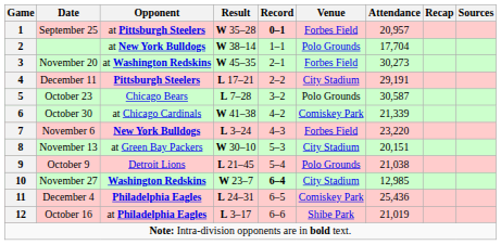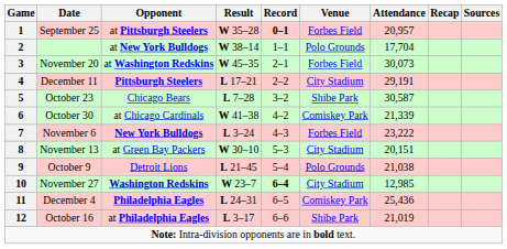 <table class="wikitable" style="text-align:center">
 <tr>
 <th>Game</th>
 <th>Date</th>
 <th>Opponent</th>
 <th>Result</th>
 <th>Record</th>
 <th>Venue</th>
 <th>Attendance</th>
 <th>Recap</th>
 <th>Sources</th>
 </tr>
 <tr style="background:#fcc">
 <th>1</th>
 <td>September 25</td>
 <td>at <strong><a href='#'>Pittsburgh Steelers</a></strong></td>
 <td><strong>W</strong> 35–28</td>
 <td><strong>0–1</strong></td>
 <td><a href='#'>Forbes Field</a></td>
 <td>20,957</td>
 <td></td>
 <td></td>
 </tr>
 <tr style="background:#cfc">
 <th>2</th>
 <td></td>
 <td>at <strong><a href='#'>New York Bulldogs</a></strong></td>
 <td><strong>W</strong> 38–14</td>
 <td>1–1</td>
 <td><a href='#'>Polo Grounds</a></td>
 <td>17,704</td>
 <td></td>
 <td></td>
 </tr>
 <tr style="background:#cfc">
 <th>3</th>
 <td>November 20</td>
 <td>at <strong><a href='#'>Washington Redskins</a></strong></td>
 <td><strong>W</strong> 45–35</td>
 <td>2–1</td>
 <td><a href='#'>Forbes Field</a></td>
-<td>30,273</td>
+<td>30,073</td>
 <td></td>
 <td></td>
 </tr>
 <tr style="background:#fcc">
 <th>4</th>
 <td>December 11</td>
 <td><strong><a href='#'>Pittsburgh Steelers</a></strong></td>
 <td><strong>L</strong> 17–21</td>
 <td>2–2</td>
 <td><a href='#'>City Stadium</a></td>
 <td>29,191</td>
 <td></td>
 <td></td>
 </tr>
 <tr style="background:#cfc">
 <th>5</th>
 <td>October 23</td>
 <td><a href='#'>Chicago Bears</a></td>
 <td><strong>L</strong> 7–28</td>
 <td>3–2</td>
-<td>Polo Grounds</td>
+<td><a href='#'>Shibe Park</a></td>
 <td>30,587</td>
 <td></td>
 <td></td>
 </tr>
 <tr style="background:#cfc">
 <th>6</th>
 <td>October 30</td>
 <td>at <a href='#'>Chicago Cardinals</a></td>
 <td><strong>W</strong> 41–38</td>
 <td>4–2</td>
 <td><a href='#'>Comiskey Park</a></td>
 <td>21,339</td>
 <td></td>
 <td></td>
 </tr>
 <tr style="background:#fcc">
 <th>7</th>
 <td>November 6</td>
 <td><strong><a href='#'>New York Bulldogs</a></strong></td>
 <td><strong>L</strong> 3–24</td>
 <td>4–3</td>
 <td><a href='#'>Forbes Field</a></td>
-<td>23,220</td>
+<td>23,222</td>
 <td></td>
 <td></td>
 </tr>
 <tr style="background:#cfc">
 <th>8</th>
 <td>November 13</td>
 <td>at <a href='#'>Green Bay Packers</a></td>
 <td><strong>W</strong> 30–10</td>
 <td>5–3</td>
 <td><a href='#'>City Stadium</a></td>
 <td>20,151</td>
 <td></td>
 <td></td>
 </tr>
 <tr style="background:#fcc">
 <th>9</th>
 <td>October 9</td>
 <td><a href='#'>Detroit Lions</a></td>
 <td><strong>L</strong> 21–45</td>
 <td>5–4</td>
 <td><a href='#'>Polo Grounds</a></td>
 <td>21,038</td>
 <td></td>
 <td></td>
 </tr>
 <tr style="background:#cfc">
 <th>10</th>
 <td>November 27</td>
 <td><strong><a href='#'>Washington Redskins</a></strong></td>
 <td><strong>W</strong> 23–7</td>
 <td><strong>6–4</strong></td>
 <td><a href='#'>City Stadium</a></td>
 <td>12,985</td>
 <td></td>
 <td></td>
 </tr>
 <tr style="background:#fcc">
 <th>11</th>
 <td>December 4</td>
 <td><strong><a href='#'>Philadelphia Eagles</a></strong></td>
 <td><strong>L</strong> 24–31</td>
 <td>6–5</td>
 <td><a href='#'>Comiskey Park</a></td>
 <td>25,436</td>
 <td></td>
 <td></td>
 </tr>
 <tr style="background:#fcc">
 <th>12</th>
 <td>October 16</td>
 <td>at <strong><a href='#'>Philadelphia Eagles</a></strong></td>
 <td><strong>L</strong> 3–17</td>
 <td>6–6</td>
 <td><a href='#'>Shibe Park</a></td>
 <td>21,019</td>
 <td></td>
 <td></td>
 </tr>
 <tr>
 <td colspan="10"><strong>Note:</strong> Intra-division opponents are in <strong>bold</strong> text.</td>
 </tr>
 </table>
